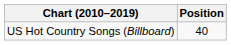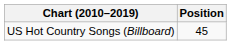 <table class="wikitable">
 <tr>
 <th>Chart (2010–2019)</th>
 <th>Position</th>
 </tr>
 <tr>
 <td>US Hot Country Songs (<em>Billboard</em>)</td>
-<td style="text-align:center;">40</td>
+<td style="text-align:center;">45</td>
 </tr>
 </table>
